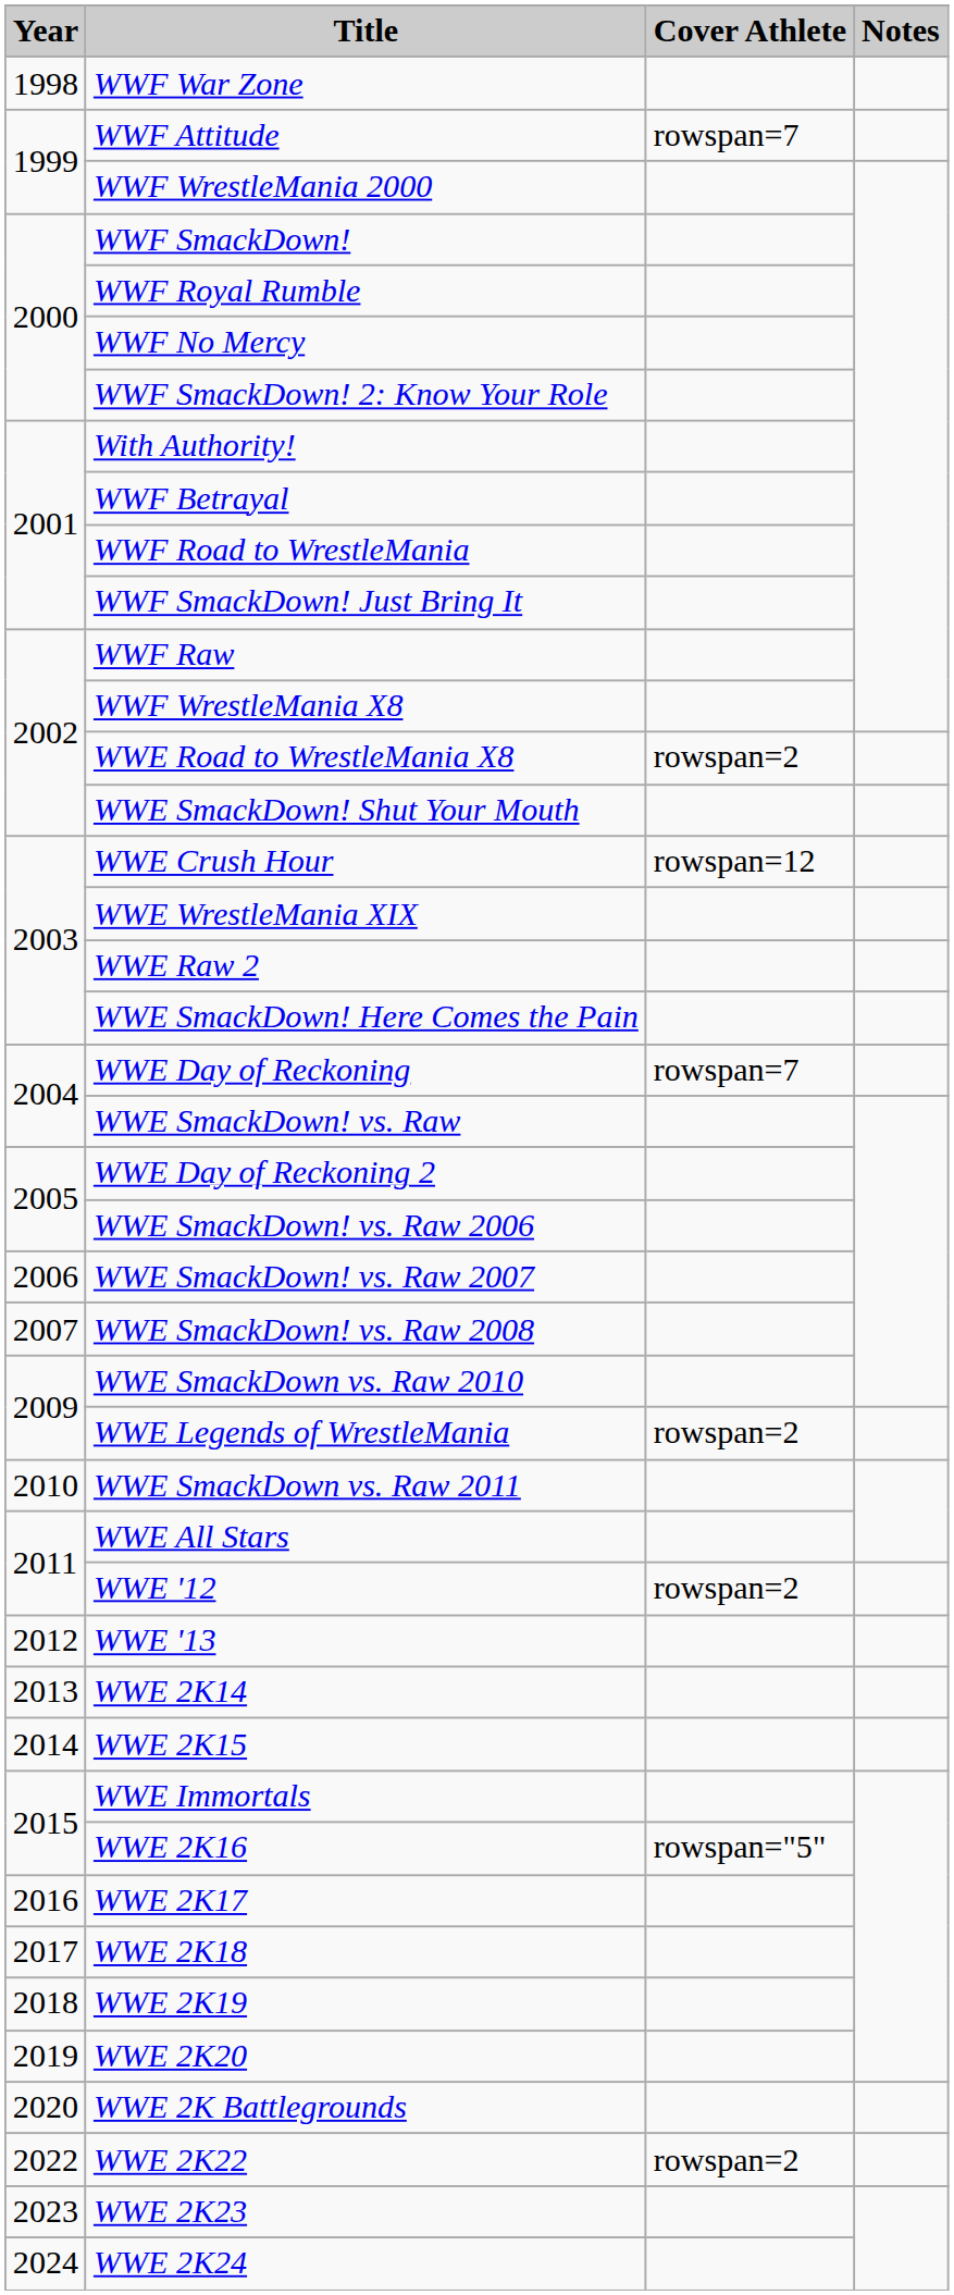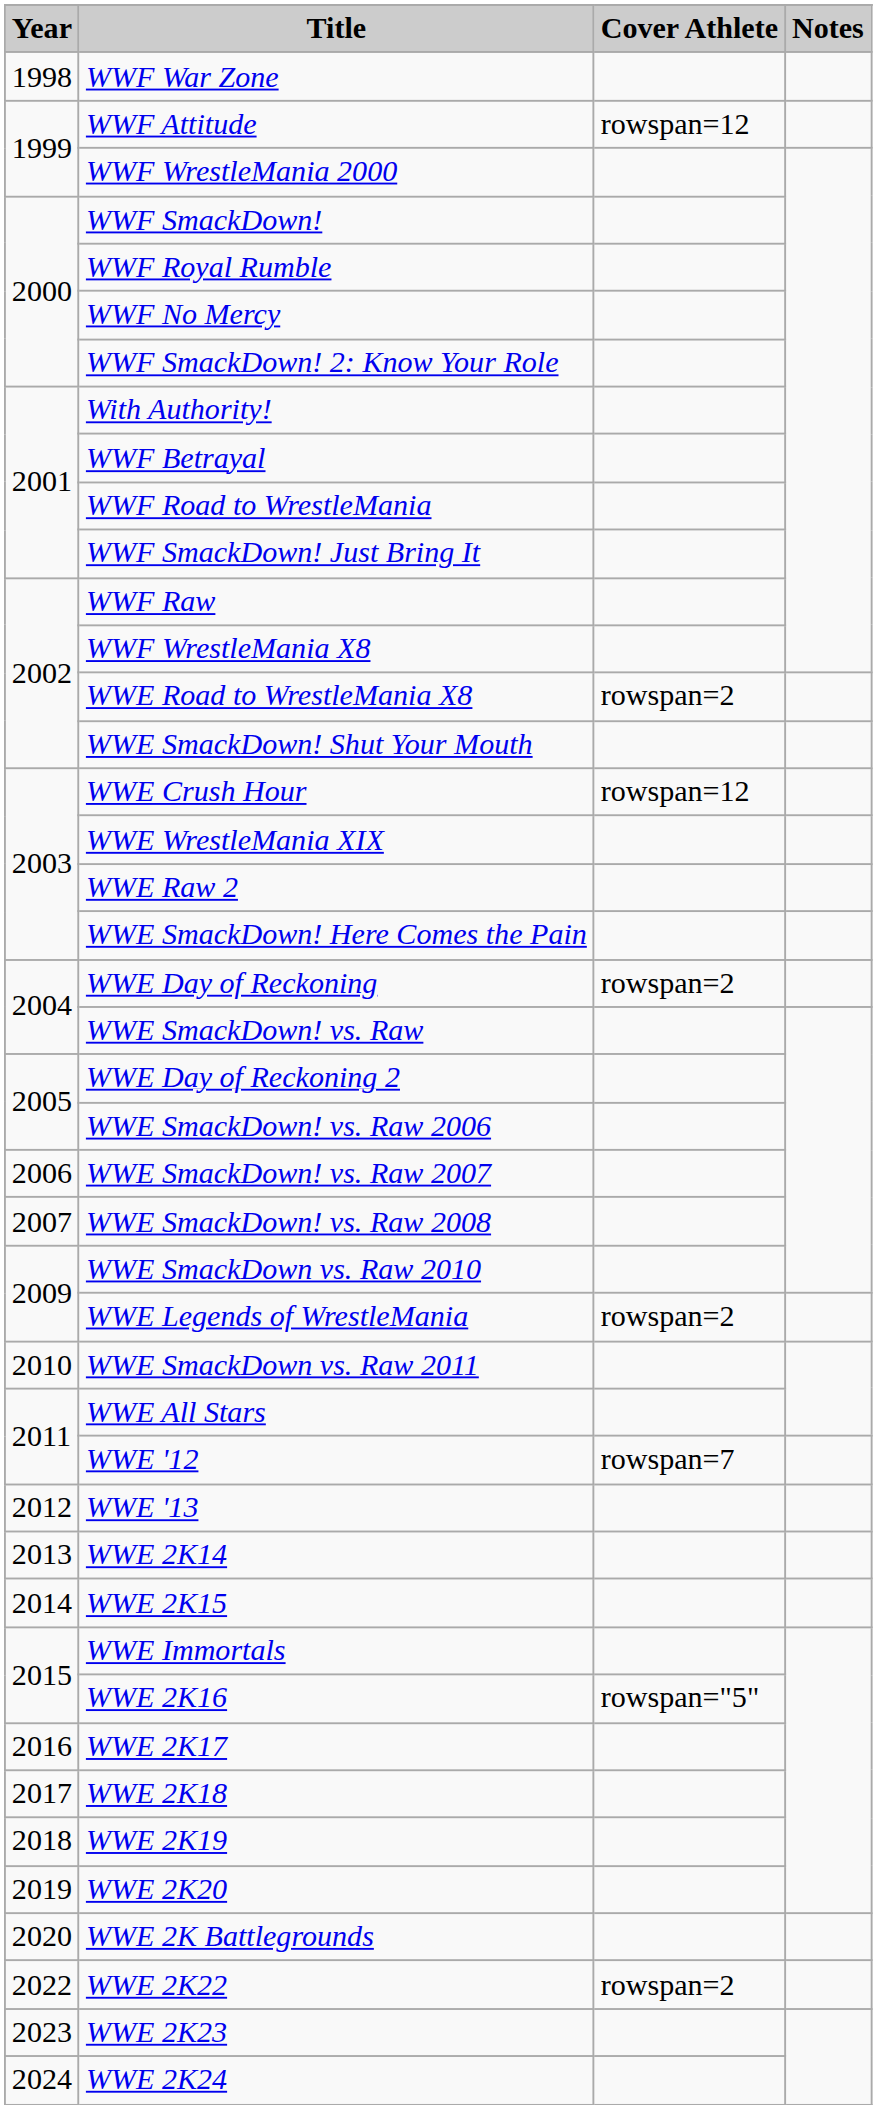 <table class="wikitable sortable">
 <tr style="text-align:center;">
 </tr>
 <tr style="text-align:center;">
 <th style="background:#ccc;">Year</th>
 <th style="background:#ccc;">Title</th>
 <th style="background:#ccc;">Cover Athlete</th>
 <th style="background:#ccc;">Notes</th>
 </tr>
 <tr>
 <td>1998</td>
 <td><em><a href='#'>WWF War Zone</a></em></td>
 <td></td>
 <td></td>
 </tr>
 <tr>
 <td rowspan=2>1999</td>
 <td><em><a href='#'>WWF Attitude</a></em></td>
-<td>rowspan=7 </td>
+<td>rowspan=12  </td>
 <td></td>
 </tr>
 <tr>
 <td><em><a href='#'>WWF WrestleMania 2000</a></em></td>
 <td></td>
 </tr>
 <tr>
 <td rowspan=4>2000</td>
 <td><em><a href='#'>WWF SmackDown!</a></em></td>
 <td></td>
 </tr>
 <tr>
 <td><em><a href='#'>WWF Royal Rumble</a></em></td>
 <td></td>
 </tr>
 <tr>
 <td><em><a href='#'>WWF No Mercy</a></em></td>
 <td></td>
 </tr>
 <tr>
 <td><em><a href='#'>WWF SmackDown! 2: Know Your Role</a></em></td>
 <td></td>
 </tr>
 <tr>
 <td rowspan=4>2001</td>
 <td><em><a href='#'>With Authority!</a></em></td>
 <td></td>
 </tr>
 <tr>
 <td><em><a href='#'>WWF Betrayal</a></em></td>
 <td></td>
 </tr>
 <tr>
 <td><em><a href='#'>WWF Road to WrestleMania</a></em></td>
 <td></td>
 </tr>
 <tr>
 <td><em><a href='#'>WWF SmackDown! Just Bring It</a></em></td>
 <td></td>
 </tr>
 <tr>
 <td rowspan=4>2002</td>
 <td><em><a href='#'>WWF Raw</a></em></td>
 <td></td>
 </tr>
 <tr>
 <td><em><a href='#'>WWF WrestleMania X8</a></em></td>
 <td></td>
 </tr>
 <tr>
 <td><em><a href='#'>WWE Road to WrestleMania X8</a></em></td>
 <td>rowspan=2 </td>
 <td></td>
 </tr>
 <tr>
 <td><em><a href='#'>WWE SmackDown! Shut Your Mouth</a></em></td>
 <td></td>
 </tr>
 <tr>
 <td rowspan=4>2003</td>
 <td><em><a href='#'>WWE Crush Hour</a></em></td>
 <td>rowspan=12  </td>
 <td></td>
 </tr>
 <tr>
 <td><em><a href='#'>WWE WrestleMania XIX</a></em></td>
 <td></td>
 </tr>
 <tr>
 <td><em><a href='#'>WWE Raw 2</a></em></td>
 <td></td>
 <td></td>
 </tr>
 <tr>
 <td><em><a href='#'>WWE SmackDown! Here Comes the Pain</a></em></td>
 <td></td>
 <td></td>
 </tr>
 <tr>
 <td rowspan=2>2004</td>
 <td><em><a href='#'>WWE Day of Reckoning</a></em></td>
-<td>rowspan=7 </td>
+<td>rowspan=2 </td>
 <td></td>
 </tr>
 <tr>
 <td><em><a href='#'>WWE SmackDown! vs. Raw</a></em></td>
 <td></td>
 </tr>
 <tr>
 <td rowspan=2>2005</td>
 <td><em><a href='#'>WWE Day of Reckoning 2</a></em></td>
 <td></td>
 </tr>
 <tr>
 <td><em><a href='#'>WWE SmackDown! vs. Raw 2006</a></em></td>
 <td></td>
 </tr>
 <tr>
 <td>2006</td>
 <td><em><a href='#'>WWE SmackDown! vs. Raw 2007</a></em></td>
 <td></td>
 </tr>
 <tr>
 <td>2007</td>
 <td><em><a href='#'>WWE SmackDown! vs. Raw 2008</a></em></td>
 <td></td>
 </tr>
 <tr>
 <td rowspan=2>2009</td>
 <td><em><a href='#'>WWE SmackDown vs. Raw 2010</a></em></td>
 <td></td>
 </tr>
 <tr>
 <td><em><a href='#'>WWE Legends of WrestleMania</a></em></td>
 <td>rowspan=2 </td>
 <td></td>
 </tr>
 <tr>
 <td>2010</td>
 <td><em><a href='#'>WWE SmackDown vs. Raw 2011</a></em></td>
 <td></td>
 </tr>
 <tr>
 <td rowspan=2>2011</td>
 <td><em><a href='#'>WWE All Stars</a></em></td>
 <td></td>
 </tr>
 <tr>
 <td><em><a href='#'>WWE '12</a></em></td>
-<td>rowspan=2 </td>
+<td>rowspan=7 </td>
 <td></td>
 </tr>
 <tr>
 <td>2012</td>
 <td><em><a href='#'>WWE '13</a></em></td>
 <td></td>
 </tr>
 <tr>
 <td>2013</td>
 <td><em><a href='#'>WWE 2K14</a></em></td>
 <td></td>
 <td></td>
 </tr>
 <tr>
 <td>2014</td>
 <td><em><a href='#'>WWE 2K15</a></em></td>
 <td></td>
 <td></td>
 </tr>
 <tr>
 <td rowspan="2">2015</td>
 <td><em><a href='#'>WWE Immortals</a></em></td>
 <td></td>
 </tr>
 <tr>
 <td><em><a href='#'>WWE 2K16</a></em></td>
 <td>rowspan="5" </td>
 </tr>
 <tr>
 <td>2016</td>
 <td><em><a href='#'>WWE 2K17</a></em></td>
 <td></td>
 </tr>
 <tr>
 <td>2017</td>
 <td><em><a href='#'>WWE 2K18</a></em></td>
 <td></td>
 </tr>
 <tr>
 <td>2018</td>
 <td><em><a href='#'>WWE 2K19</a></em></td>
 <td></td>
 </tr>
 <tr>
 <td>2019</td>
 <td><em><a href='#'>WWE 2K20</a></em></td>
 <td></td>
 </tr>
 <tr>
 <td>2020</td>
 <td><em><a href='#'>WWE 2K Battlegrounds</a></em></td>
 <td></td>
 <td></td>
 </tr>
 <tr>
 <td>2022</td>
 <td><em><a href='#'>WWE 2K22</a></em></td>
 <td>rowspan=2 </td>
 <td></td>
 </tr>
 <tr>
 <td>2023</td>
 <td><em><a href='#'>WWE 2K23</a></em></td>
 <td></td>
 </tr>
 <tr>
 <td>2024</td>
 <td><em><a href='#'>WWE 2K24</a></em></td>
 <td></td>
 </tr>
 </table>
